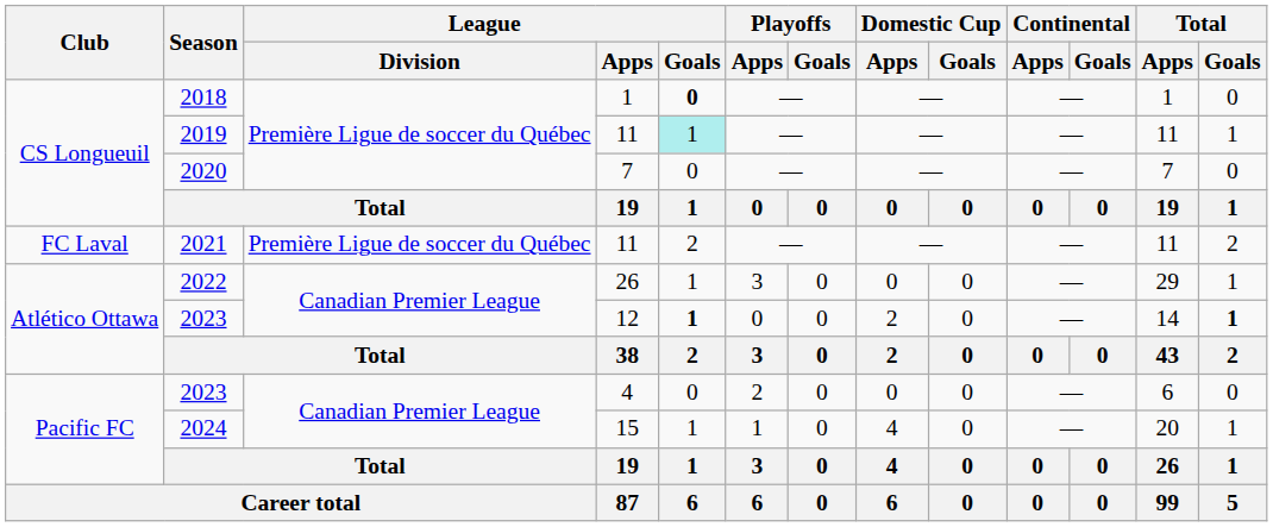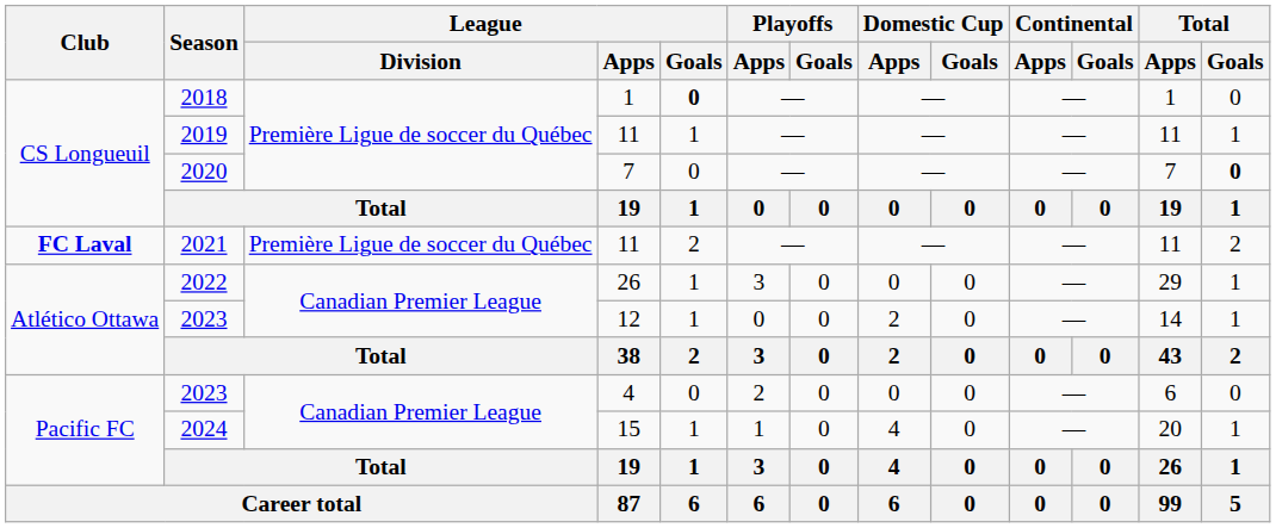 <table class="wikitable" style="text-align:center">
 <tr>
 <th rowspan="2">Club</th>
 <th rowspan="2">Season</th>
 <th colspan="3">League</th>
 <th colspan="2">Playoffs</th>
 <th colspan="2">Domestic Cup</th>
 <th colspan="2">Continental</th>
 <th colspan="2">Total</th>
 </tr>
 <tr>
 <th>Division</th>
 <th>Apps</th>
 <th>Goals</th>
 <th>Apps</th>
 <th>Goals</th>
 <th>Apps</th>
 <th>Goals</th>
 <th>Apps</th>
 <th>Goals</th>
 <th>Apps</th>
 <th>Goals</th>
 </tr>
 <tr>
 <td rowspan=4><a href='#'>CS Longueuil</a></td>
 <td><a href='#'>2018</a></td>
 <td rowspan=3><a href='#'>Première Ligue de soccer du Québec</a></td>
 <td>1</td>
 <td><strong>0</strong></td>
 <td colspan="2">—</td>
 <td colspan="2">—</td>
 <td colspan="2">—</td>
 <td>1</td>
 <td>0</td>
 </tr>
 <tr>
 <td><a href='#'>2019</a></td>
 <td>11</td>
-<td style="background: paleturquoise;">1</td>
+<td>1</td>
 <td colspan="2">—</td>
 <td colspan="2">—</td>
 <td colspan="2">—</td>
 <td>11</td>
 <td>1</td>
 </tr>
 <tr>
 <td><a href='#'>2020</a></td>
 <td>7</td>
 <td>0</td>
 <td colspan="2">—</td>
 <td colspan="2">—</td>
 <td colspan="2">—</td>
 <td>7</td>
-<td>0</td>
+<td><strong>0</strong></td>
 </tr>
 <tr>
 <th colspan="2">Total</th>
 <th>19</th>
 <th>1</th>
 <th>0</th>
 <th>0</th>
 <th>0</th>
 <th>0</th>
 <th>0</th>
 <th>0</th>
 <th>19</th>
 <th>1</th>
 </tr>
 <tr>
-<td><a href='#'>FC Laval</a></td>
+<td><strong><a href='#'>FC Laval</a></strong></td>
 <td><a href='#'>2021</a></td>
 <td><a href='#'>Première Ligue de soccer du Québec</a></td>
 <td>11</td>
 <td>2</td>
 <td colspan="2">—</td>
 <td colspan="2">—</td>
 <td colspan="2">—</td>
 <td>11</td>
 <td>2</td>
 </tr>
 <tr>
 <td rowspan=3><a href='#'>Atlético Ottawa</a></td>
 <td><a href='#'>2022</a></td>
 <td rowspan=2><a href='#'>Canadian Premier League</a></td>
 <td>26</td>
 <td>1</td>
 <td>3</td>
 <td>0</td>
 <td>0</td>
 <td>0</td>
 <td colspan="2">—</td>
 <td>29</td>
 <td>1</td>
 </tr>
 <tr>
 <td><a href='#'>2023</a></td>
 <td>12</td>
-<td><strong>1</strong></td>
+<td>1</td>
 <td>0</td>
 <td>0</td>
 <td>2</td>
 <td>0</td>
 <td colspan="2">—</td>
 <td>14</td>
-<td><strong>1</strong></td>
+<td>1</td>
 </tr>
 <tr>
 <th colspan="2">Total</th>
 <th>38</th>
 <th>2</th>
 <th>3</th>
 <th>0</th>
 <th>2</th>
 <th>0</th>
 <th>0</th>
 <th>0</th>
 <th>43</th>
 <th>2</th>
 </tr>
 <tr>
 <td rowspan=3><a href='#'>Pacific FC</a></td>
 <td><a href='#'>2023</a></td>
 <td rowspan=2><a href='#'>Canadian Premier League</a></td>
 <td>4</td>
 <td>0</td>
 <td>2</td>
 <td>0</td>
 <td>0</td>
 <td>0</td>
 <td colspan="2">—</td>
 <td>6</td>
 <td>0</td>
 </tr>
 <tr>
 <td><a href='#'>2024</a></td>
 <td>15</td>
 <td>1</td>
 <td>1</td>
 <td>0</td>
 <td>4</td>
 <td>0</td>
 <td colspan="2">—</td>
 <td>20</td>
 <td>1</td>
 </tr>
 <tr>
 <th colspan="2">Total</th>
 <th>19</th>
 <th>1</th>
 <th>3</th>
 <th>0</th>
 <th>4</th>
 <th>0</th>
 <th>0</th>
 <th>0</th>
 <th>26</th>
 <th>1</th>
 </tr>
 <tr>
 <th colspan="3">Career total</th>
 <th>87</th>
 <th>6</th>
 <th>6</th>
 <th>0</th>
 <th>6</th>
 <th>0</th>
 <th>0</th>
 <th>0</th>
 <th>99</th>
 <th>5</th>
 </tr>
 </table>
